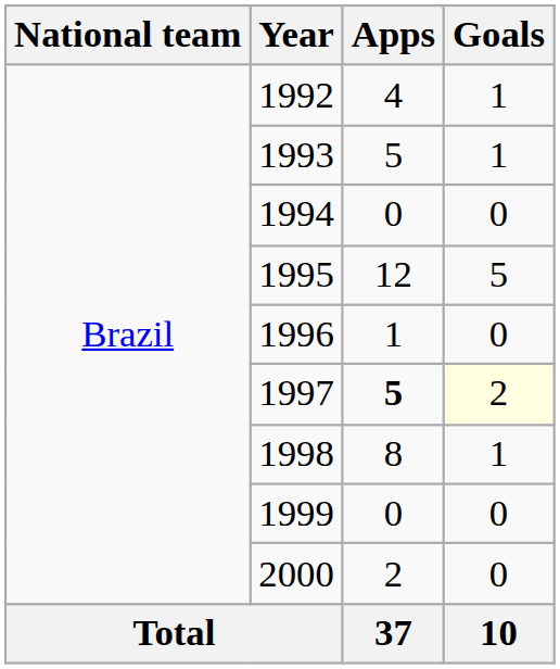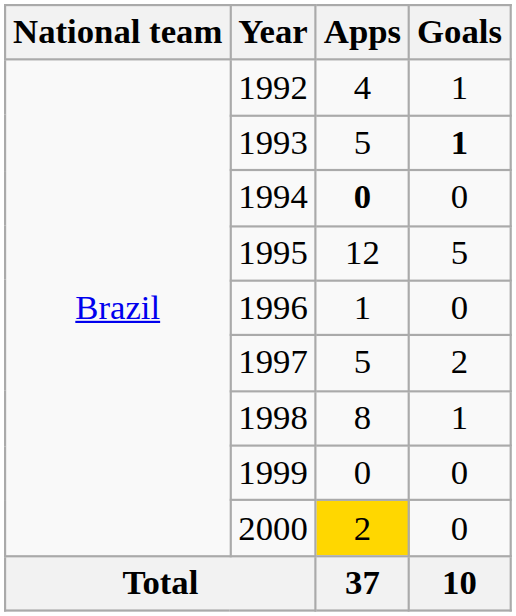 <table class="wikitable" style="text-align:center">
 <tr>
 <th>National team</th>
 <th>Year</th>
 <th>Apps</th>
 <th>Goals</th>
 </tr>
 <tr>
 <td rowspan="9"><a href='#'>Brazil</a></td>
 <td>1992</td>
 <td>4</td>
 <td>1</td>
 </tr>
 <tr>
 <td>1993</td>
 <td>5</td>
-<td>1</td>
+<td><strong>1</strong></td>
 </tr>
 <tr>
 <td>1994</td>
-<td>0</td>
+<td><strong>0</strong></td>
 <td>0</td>
 </tr>
 <tr>
 <td>1995</td>
 <td>12</td>
 <td>5</td>
 </tr>
 <tr>
 <td>1996</td>
 <td>1</td>
 <td>0</td>
 </tr>
 <tr>
 <td>1997</td>
-<td><strong>5</strong></td>
-<td style="background: lightyellow;">2</td>
+<td>5</td>
+<td>2</td>
 </tr>
 <tr>
 <td>1998</td>
 <td>8</td>
 <td>1</td>
 </tr>
 <tr>
 <td>1999</td>
 <td>0</td>
 <td>0</td>
 </tr>
 <tr>
 <td>2000</td>
-<td>2</td>
+<td style="background: gold;">2</td>
 <td>0</td>
 </tr>
 <tr>
 <th colspan="2">Total</th>
 <th>37</th>
 <th>10</th>
 </tr>
 </table>
